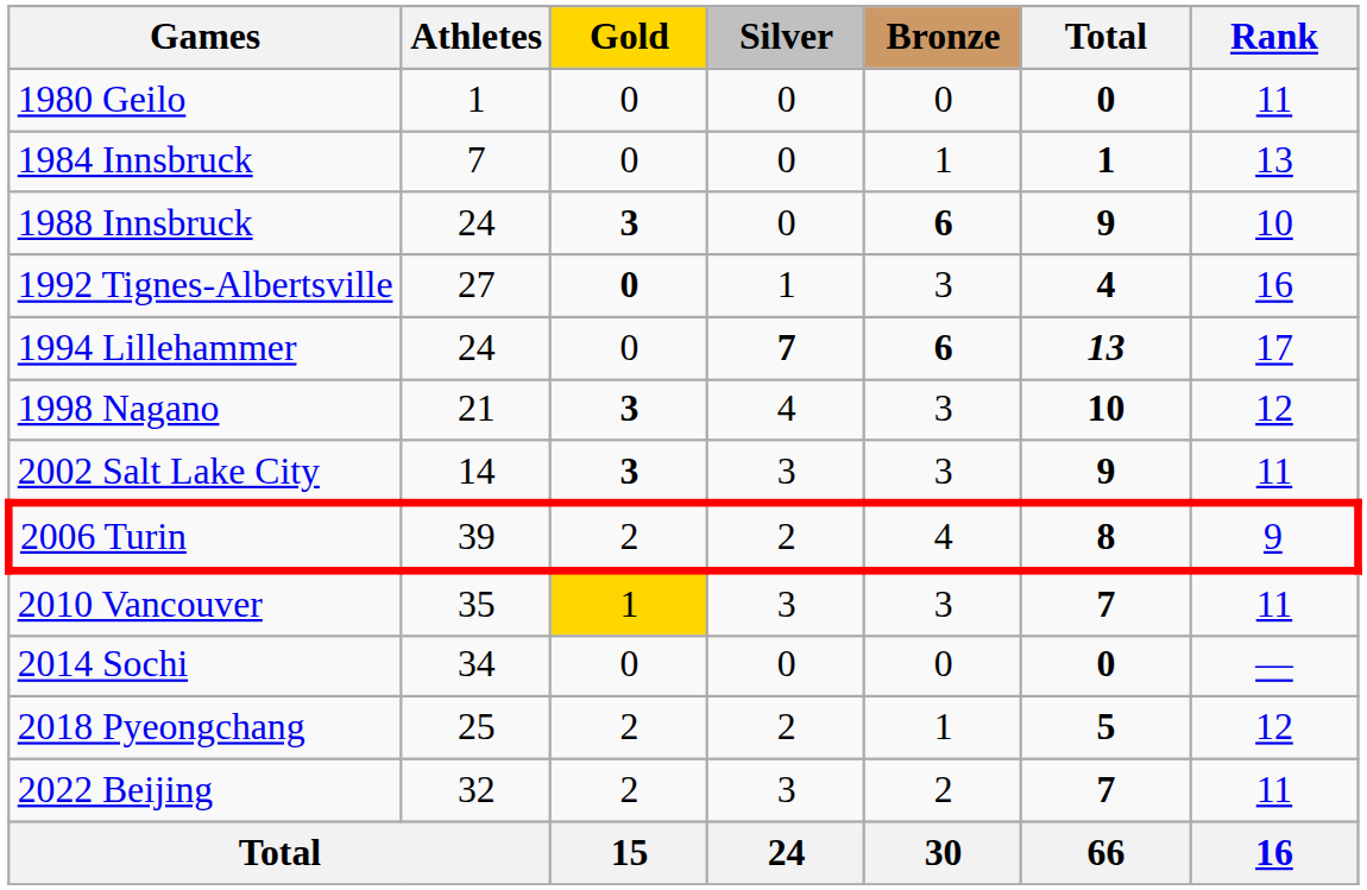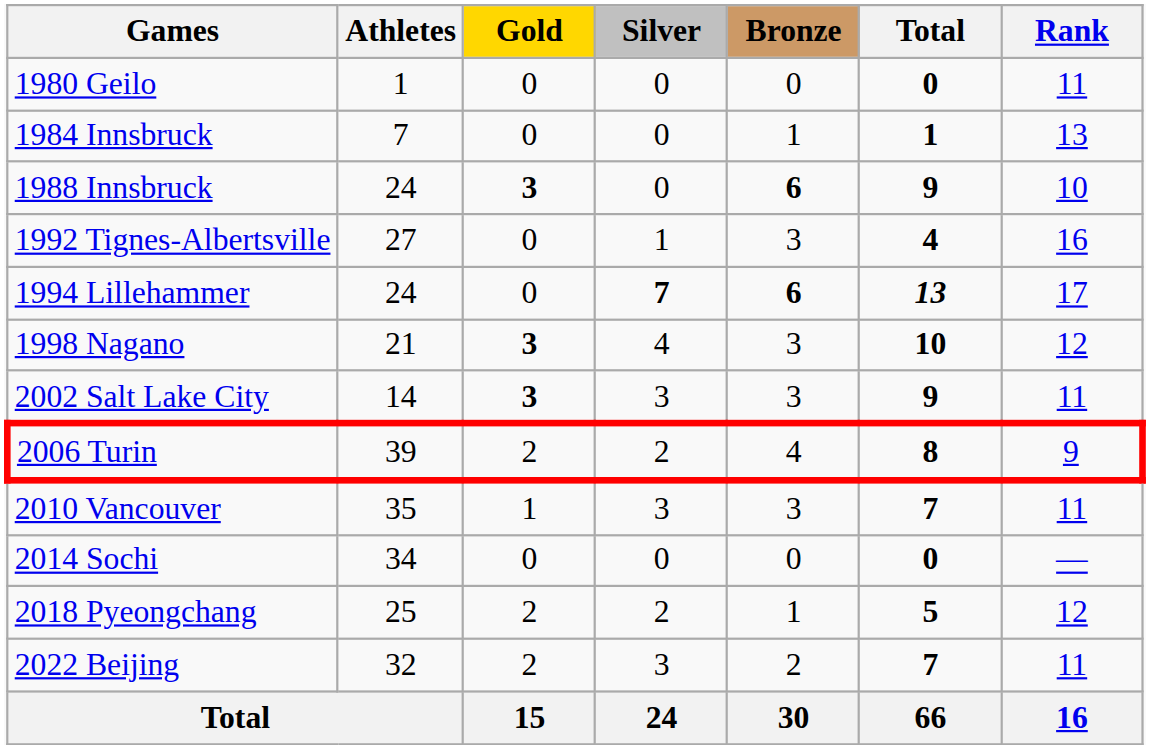 <table class="wikitable" style="text-align:center; font-size:90%;">
 <tr>
 <th>Games</th>
 <th>Athletes</th>
 <td style="background:gold; width:3.7em; font-weight:bold;">Gold</td>
 <td style="background:silver; width:3.7em; font-weight:bold;">Silver</td>
 <td style="background:#cc9966; width:3.7em; font-weight:bold;">Bronze</td>
 <th style="width:4em; font-weight:bold;">Total</th>
 <th style="width:4em; font-weight:bold;"><a href='#'>Rank</a></th>
 </tr>
 <tr>
 <td align=left> <a href='#'>1980 Geilo</a></td>
 <td>1</td>
 <td>0</td>
 <td>0</td>
 <td>0</td>
 <td><strong>0</strong></td>
 <td><a href='#'>11</a></td>
 </tr>
 <tr>
 <td align=left> <a href='#'>1984 Innsbruck</a></td>
 <td>7</td>
 <td>0</td>
 <td>0</td>
 <td>1</td>
 <td><strong>1</strong></td>
 <td><a href='#'>13</a></td>
 </tr>
 <tr>
 <td align=left> <a href='#'>1988 Innsbruck</a></td>
 <td>24</td>
 <td><strong>3</strong></td>
 <td>0</td>
 <td><strong>6</strong></td>
 <td><strong>9</strong></td>
 <td><a href='#'>10</a></td>
 </tr>
 <tr>
 <td align=left> <a href='#'>1992 Tignes-Albertsville</a></td>
 <td>27</td>
-<td><strong>0</strong></td>
+<td>0</td>
 <td>1</td>
 <td>3</td>
 <td><strong>4</strong></td>
 <td><a href='#'>16</a></td>
 </tr>
 <tr>
 <td align=left> <a href='#'>1994 Lillehammer</a></td>
 <td>24</td>
 <td>0</td>
 <td><strong>7</strong></td>
 <td><strong>6</strong></td>
 <td><strong><em>13</em></strong></td>
 <td><a href='#'>17</a></td>
 </tr>
 <tr>
 <td align=left> <a href='#'>1998 Nagano</a></td>
 <td>21</td>
 <td><strong>3</strong></td>
 <td>4</td>
 <td>3</td>
 <td><strong>10</strong></td>
 <td><a href='#'>12</a></td>
 </tr>
 <tr>
 <td align=left> <a href='#'>2002 Salt Lake City</a></td>
 <td>14</td>
 <td><strong>3</strong></td>
 <td>3</td>
 <td>3</td>
 <td><strong>9</strong></td>
 <td><a href='#'>11</a></td>
 </tr>
 <tr>
 </tr>
 <tr style="border: 3px solid red">
 <td align=left> <a href='#'>2006 Turin</a></td>
 <td>39</td>
 <td>2</td>
 <td>2</td>
 <td>4</td>
 <td><strong>8</strong></td>
 <td><a href='#'>9</a></td>
 </tr>
 <tr>
 <td align=left> <a href='#'>2010 Vancouver</a></td>
 <td>35</td>
-<td style="background: gold;">1</td>
+<td>1</td>
 <td>3</td>
 <td>3</td>
 <td><strong>7</strong></td>
 <td><a href='#'>11</a></td>
 </tr>
 <tr>
 <td align=left> <a href='#'>2014 Sochi</a></td>
 <td>34</td>
 <td>0</td>
 <td>0</td>
 <td>0</td>
 <td><strong>0</strong></td>
 <td><a href='#'>—</a></td>
 </tr>
 <tr>
 <td align=left> <a href='#'>2018 Pyeongchang</a></td>
 <td>25</td>
 <td>2</td>
 <td>2</td>
 <td>1</td>
 <td><strong>5</strong></td>
 <td><a href='#'>12</a></td>
 </tr>
 <tr>
 <td align=left> <a href='#'>2022 Beijing</a></td>
 <td>32</td>
 <td>2</td>
 <td>3</td>
 <td>2</td>
 <td><strong>7</strong></td>
 <td><a href='#'>11</a></td>
 </tr>
 <tr>
 <th colspan=2>Total</th>
 <th>15</th>
 <th>24</th>
 <th>30</th>
 <th>66</th>
 <th><a href='#'>16</a></th>
 </tr>
 </table>
